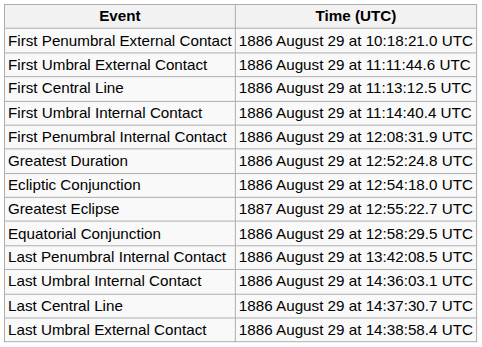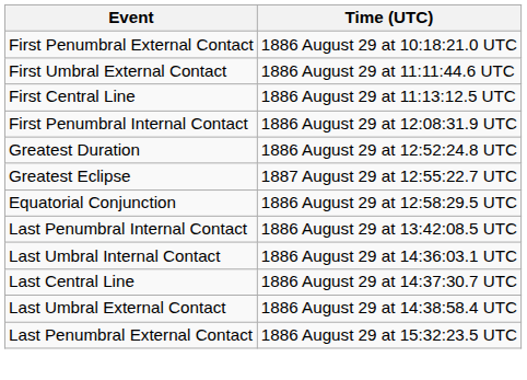 <table class="wikitable">
 <tr>
 <th>Event</th>
 <th>Time (UTC)</th>
 </tr>
 <tr>
 <td>First Penumbral External Contact</td>
 <td>1886 August 29 at 10:18:21.0 UTC</td>
 </tr>
 <tr>
 <td>First Umbral External Contact</td>
 <td>1886 August 29 at 11:11:44.6 UTC</td>
 </tr>
 <tr>
 <td>First Central Line</td>
 <td>1886 August 29 at 11:13:12.5 UTC</td>
 </tr>
 <tr>
-<td>First Umbral Internal Contact</td>
-<td>1886 August 29 at 11:14:40.4 UTC</td>
-</tr>
-<tr>
 <td>First Penumbral Internal Contact</td>
 <td>1886 August 29 at 12:08:31.9 UTC</td>
 </tr>
 <tr>
 <td>Greatest Duration</td>
 <td>1886 August 29 at 12:52:24.8 UTC</td>
-</tr>
-<tr>
-<td>Ecliptic Conjunction</td>
-<td>1886 August 29 at 12:54:18.0 UTC</td>
 </tr>
 <tr>
 <td>Greatest Eclipse</td>
 <td>1887 August 29 at 12:55:22.7 UTC</td>
 </tr>
 <tr>
 <td>Equatorial Conjunction</td>
 <td>1886 August 29 at 12:58:29.5 UTC</td>
 </tr>
 <tr>
 <td>Last Penumbral Internal Contact</td>
 <td>1886 August 29 at 13:42:08.5 UTC</td>
 </tr>
 <tr>
 <td>Last Umbral Internal Contact</td>
 <td>1886 August 29 at 14:36:03.1 UTC</td>
 </tr>
 <tr>
 <td>Last Central Line</td>
 <td>1886 August 29 at 14:37:30.7 UTC</td>
 </tr>
 <tr>
 <td>Last Umbral External Contact</td>
 <td>1886 August 29 at 14:38:58.4 UTC</td>
 </tr>
+<tr>
+<td>Last Penumbral External Contact</td>
+<td>1886 August 29 at 15:32:23.5 UTC</td>
+</tr>
 </table>
